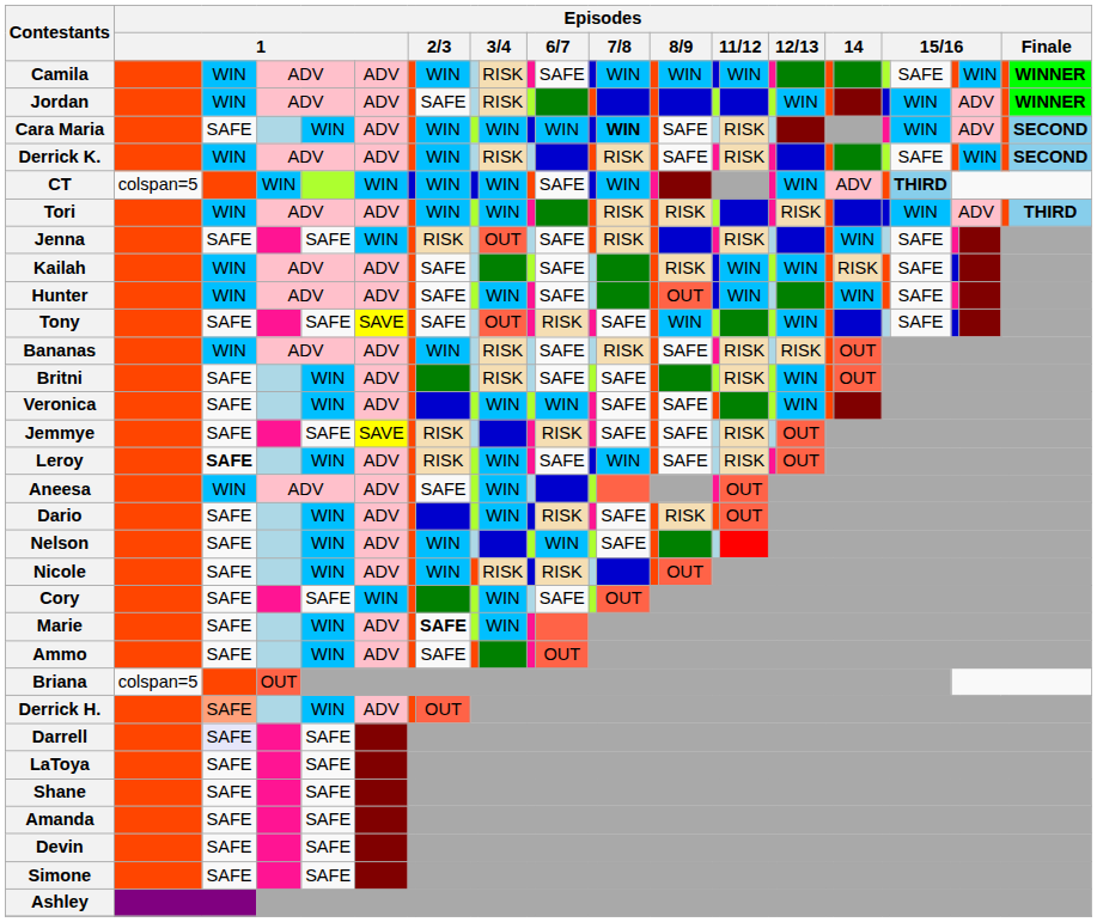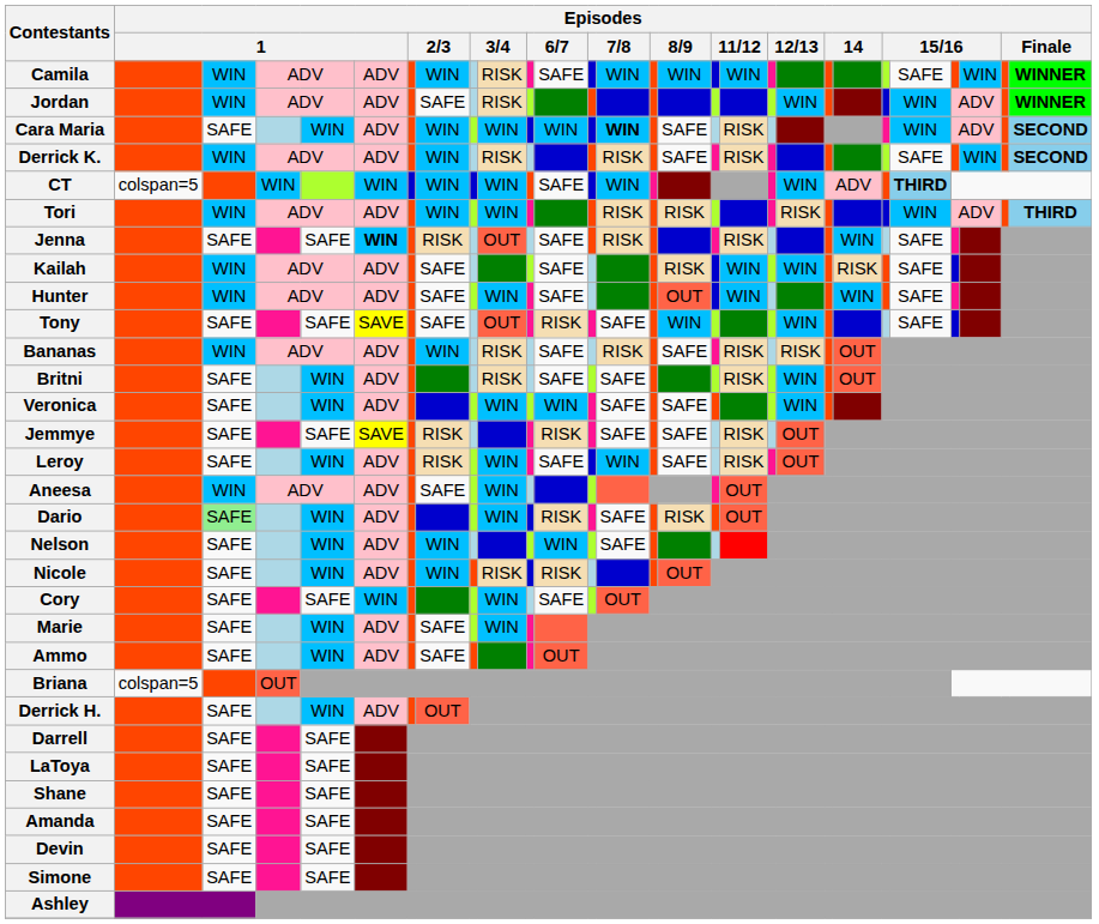 <table class="wikitable" style="text-align:center">
 <tr>
 <th rowspan=2>Contestants</th>
 <th colspan=31>Episodes</th>
 </tr>
 <tr>
 <th colspan=5>1</th>
 <th colspan=2>2/3</th>
 <th colspan=2>3/4</th>
 <th colspan=2>6/7</th>
 <th colspan=2>7/8</th>
 <th colspan=2>8/9</th>
 <th colspan=2>11/12</th>
 <th colspan=2>12/13</th>
 <th colspan=2>14</th>
 <th colspan=4>15/16</th>
 <th colspan=2>Finale</th>
 </tr>
 <tr>
 <th>Camila</th>
 <td bgcolor="orangered"></td>
 <td bgcolor="deepskyblue">WIN</td>
 <td colspan=2 bgcolor="pink">ADV</td>
 <td bgcolor="pink">ADV</td>
 <td bgcolor="orangered"></td>
 <td bgcolor="deepskyblue">WIN</td>
 <td bgcolor="lightblue"></td>
 <td bgcolor="wheat">RISK</td>
 <td bgcolor="deeppink"></td>
 <td>SAFE</td>
 <td bgcolor="mediumblue"></td>
 <td bgcolor="deepskyblue">WIN</td>
 <td bgcolor="orangered"></td>
 <td bgcolor="deepskyblue">WIN</td>
 <td bgcolor="mediumblue"></td>
 <td bgcolor="deepskyblue">WIN</td>
 <td bgcolor="deeppink"></td>
 <td bgcolor="green"></td>
 <td bgcolor="orangered"></td>
 <td bgcolor="green"></td>
 <td bgcolor="greenyellow"></td>
 <td>SAFE</td>
 <td bgcolor="orangered"></td>
 <td bgcolor="deepskyblue">WIN</td>
 <td bgcolor="orangered"></td>
 <td bgcolor="lime"><strong>WINNER</strong></td>
 </tr>
 <tr>
 <th>Jordan</th>
 <td bgcolor="orangered"></td>
 <td bgcolor="deepskyblue">WIN</td>
 <td colspan=2 bgcolor="pink">ADV</td>
 <td bgcolor="pink">ADV</td>
 <td bgcolor="orangered"></td>
 <td>SAFE</td>
 <td bgcolor="lightblue"></td>
 <td bgcolor="wheat">RISK</td>
 <td bgcolor="greenyellow"></td>
 <td bgcolor="green"></td>
 <td bgcolor="orangered"></td>
 <td bgcolor="mediumblue"></td>
 <td bgcolor="orangered"></td>
 <td bgcolor="mediumblue"></td>
 <td bgcolor="greenyellow"></td>
 <td bgcolor="mediumblue"></td>
 <td bgcolor="greenyellow"></td>
 <td bgcolor="deepskyblue">WIN</td>
 <td bgcolor="orangered"></td>
 <td bgcolor="maroon"></td>
 <td bgcolor="mediumblue"></td>
 <td bgcolor="deepskyblue">WIN</td>
 <td colspan=2 bgcolor="pink">ADV</td>
 <td bgcolor="orangered"></td>
 <td bgcolor="lime"><strong>WINNER</strong></td>
 </tr>
 <tr>
 <th nowrap>Cara Maria</th>
 <td bgcolor="orangered"></td>
 <td>SAFE</td>
 <td bgcolor="lightblue"></td>
 <td bgcolor="deepskyblue">WIN</td>
 <td bgcolor="pink">ADV</td>
 <td bgcolor="orangered"></td>
 <td bgcolor="deepskyblue">WIN</td>
 <td bgcolor="greenyellow"></td>
 <td bgcolor="deepskyblue">WIN</td>
 <td bgcolor="mediumblue"></td>
 <td bgcolor="deepskyblue">WIN</td>
 <td bgcolor="mediumblue"></td>
 <td bgcolor="deepskyblue"><strong>WIN</strong></td>
 <td bgcolor="orangered"></td>
 <td>SAFE</td>
 <td bgcolor="lightblue"></td>
 <td bgcolor="wheat">RISK</td>
 <td bgcolor="lightblue"></td>
 <td bgcolor="maroon"></td>
 <td bgcolor="darkgray" colspan=2></td>
 <td bgcolor="deeppink"></td>
 <td bgcolor="deepskyblue">WIN</td>
 <td colspan=2 bgcolor="pink">ADV</td>
 <td bgcolor="orangered"></td>
 <td bgcolor="skyblue"><strong>SECOND</strong></td>
 </tr>
 <tr>
 <th nowrap>Derrick K.</th>
 <td bgcolor="orangered"></td>
 <td bgcolor="deepskyblue">WIN</td>
 <td colspan=2 bgcolor="pink">ADV</td>
 <td bgcolor="pink">ADV</td>
 <td bgcolor="orangered"></td>
 <td bgcolor="deepskyblue">WIN</td>
 <td bgcolor="lightblue"></td>
 <td bgcolor="wheat">RISK</td>
 <td bgcolor="lightblue"></td>
 <td bgcolor="mediumblue"></td>
 <td bgcolor="orangered"></td>
 <td bgcolor="wheat">RISK</td>
 <td bgcolor="orangered"></td>
 <td>SAFE</td>
 <td bgcolor="deeppink"></td>
 <td bgcolor="wheat">RISK</td>
 <td bgcolor="deeppink"></td>
 <td bgcolor="mediumblue"></td>
 <td bgcolor="orangered"></td>
 <td bgcolor="green"></td>
 <td bgcolor="greenyellow"></td>
 <td>SAFE</td>
 <td bgcolor="orangered"></td>
 <td bgcolor="deepskyblue">WIN</td>
 <td bgcolor="orangered"></td>
 <td bgcolor="skyblue"><strong>SECOND</strong></td>
 </tr>
 <tr>
 <th>CT</th>
 <td>colspan=5 </td>
 <td bgcolor="orangered"></td>
 <td bgcolor="deepskyblue">WIN</td>
 <td bgcolor="greenyellow"></td>
 <td bgcolor="deepskyblue">WIN</td>
 <td bgcolor="mediumblue"></td>
 <td bgcolor="deepskyblue">WIN</td>
 <td bgcolor="mediumblue"></td>
 <td bgcolor="deepskyblue">WIN</td>
 <td bgcolor="orangered"></td>
 <td>SAFE</td>
 <td bgcolor="mediumblue"></td>
 <td bgcolor="deepskyblue">WIN</td>
 <td bgcolor="deeppink"></td>
 <td bgcolor="maroon"></td>
 <td bgcolor="darkgray" colspan=2></td>
 <td bgcolor="deeppink"></td>
 <td bgcolor="deepskyblue">WIN</td>
 <td colspan=2 bgcolor="pink">ADV</td>
 <td bgcolor="orangered"></td>
 <td bgcolor="skyblue"><strong>THIRD</strong></td>
 </tr>
 <tr>
 <th>Tori</th>
 <td bgcolor="orangered"></td>
 <td bgcolor="deepskyblue">WIN</td>
 <td colspan=2 bgcolor="pink">ADV</td>
 <td bgcolor="pink">ADV</td>
 <td bgcolor="orangered"></td>
 <td bgcolor="deepskyblue">WIN</td>
 <td bgcolor="greenyellow"></td>
 <td bgcolor="deepskyblue">WIN</td>
 <td bgcolor="deeppink"></td>
 <td bgcolor="green"></td>
 <td bgcolor="orangered"></td>
 <td bgcolor="wheat">RISK</td>
 <td bgcolor="orangered"></td>
 <td bgcolor="wheat">RISK</td>
 <td bgcolor="greenyellow"></td>
 <td bgcolor="mediumblue"></td>
 <td bgcolor="deeppink"></td>
 <td bgcolor="wheat">RISK</td>
 <td bgcolor="orangered"></td>
 <td bgcolor="mediumblue"></td>
 <td bgcolor="mediumblue"></td>
 <td bgcolor="deepskyblue">WIN</td>
 <td colspan=2 bgcolor="pink">ADV</td>
 <td bgcolor="orangered"></td>
 <td bgcolor="skyblue"><strong>THIRD</strong></td>
 </tr>
 <tr>
 <th>Jenna</th>
 <td bgcolor="orangered"></td>
 <td>SAFE</td>
 <td bgcolor="deeppink"></td>
 <td>SAFE</td>
-<td bgcolor="deepskyblue">WIN</td>
+<td bgcolor="deepskyblue"><strong>WIN</strong></td>
 <td bgcolor="orangered"></td>
 <td bgcolor="wheat">RISK</td>
 <td bgcolor="lightblue"></td>
 <td bgcolor="tomato">OUT</td>
 <td bgcolor="lightblue"></td>
 <td>SAFE</td>
 <td bgcolor="orangered"></td>
 <td bgcolor="wheat">RISK</td>
 <td bgcolor="orangered"></td>
 <td bgcolor="mediumblue"></td>
 <td bgcolor="deeppink"></td>
 <td bgcolor="wheat">RISK</td>
 <td bgcolor="lightblue"></td>
 <td bgcolor="mediumblue"></td>
 <td bgcolor="orangered"></td>
 <td bgcolor="deepskyblue">WIN</td>
 <td bgcolor="lightblue"></td>
 <td>SAFE</td>
 <td bgcolor="deeppink"></td>
 <td bgcolor="maroon"></td>
 <td bgcolor="darkgray" colspan=2></td>
 </tr>
 <tr>
 <th>Kailah</th>
 <td bgcolor="orangered"></td>
 <td bgcolor="deepskyblue">WIN</td>
 <td colspan=2 bgcolor="pink">ADV</td>
 <td bgcolor="pink">ADV</td>
 <td bgcolor="orangered"></td>
 <td>SAFE</td>
 <td bgcolor="lightblue"></td>
 <td bgcolor="green"></td>
 <td bgcolor="greenyellow"></td>
 <td>SAFE</td>
 <td bgcolor="lightblue"></td>
 <td bgcolor="green"></td>
 <td bgcolor="orangered"></td>
 <td bgcolor="wheat">RISK</td>
 <td bgcolor="mediumblue"></td>
 <td bgcolor="deepskyblue">WIN</td>
 <td bgcolor="greenyellow"></td>
 <td bgcolor="deepskyblue">WIN</td>
 <td bgcolor="orangered"></td>
 <td bgcolor="wheat">RISK</td>
 <td bgcolor="orangered"></td>
 <td>SAFE</td>
 <td bgcolor="mediumblue"></td>
 <td bgcolor="maroon"></td>
 <td bgcolor="darkgray" colspan=2></td>
 </tr>
 <tr>
 <th>Hunter</th>
 <td bgcolor="orangered"></td>
 <td bgcolor="deepskyblue">WIN</td>
 <td colspan=2 bgcolor="pink">ADV</td>
 <td bgcolor="pink">ADV</td>
 <td bgcolor="orangered"></td>
 <td>SAFE</td>
 <td bgcolor="greenyellow"></td>
 <td bgcolor="deepskyblue">WIN</td>
 <td bgcolor="deeppink"></td>
 <td>SAFE</td>
 <td bgcolor="lightblue"></td>
 <td bgcolor="green"></td>
 <td bgcolor="orangered"></td>
 <td bgcolor="tomato">OUT</td>
 <td bgcolor="mediumblue"></td>
 <td bgcolor="deepskyblue">WIN</td>
 <td bgcolor="lightblue"></td>
 <td bgcolor="green"></td>
 <td bgcolor="orangered"></td>
 <td bgcolor="deepskyblue">WIN</td>
 <td bgcolor="orangered"></td>
 <td>SAFE</td>
 <td bgcolor="deeppink"></td>
 <td bgcolor="maroon"></td>
 <td bgcolor="darkgray" colspan=2></td>
 </tr>
 <tr>
 <th>Tony</th>
 <td bgcolor="orangered"></td>
 <td>SAFE</td>
 <td bgcolor="deeppink"></td>
 <td>SAFE</td>
 <td bgcolor="yellow">SAVE</td>
 <td bgcolor="orangered"></td>
 <td>SAFE</td>
 <td bgcolor="lightblue"></td>
 <td bgcolor="tomato">OUT</td>
 <td bgcolor="deeppink"></td>
 <td bgcolor="wheat">RISK</td>
 <td bgcolor="deeppink"></td>
 <td>SAFE</td>
 <td bgcolor="orangered"></td>
 <td bgcolor="deepskyblue">WIN</td>
 <td bgcolor="greenyellow"></td>
 <td bgcolor="green"></td>
 <td bgcolor="greenyellow"></td>
 <td bgcolor="deepskyblue">WIN</td>
 <td bgcolor="orangered"></td>
 <td bgcolor="mediumblue"></td>
 <td bgcolor="lightblue"></td>
 <td>SAFE</td>
 <td bgcolor="mediumblue"></td>
 <td bgcolor="maroon"></td>
 <td bgcolor="darkgray" colspan=2></td>
 </tr>
 <tr>
 <th>Bananas</th>
 <td bgcolor="orangered"></td>
 <td bgcolor="deepskyblue">WIN</td>
 <td colspan=2 bgcolor="pink">ADV</td>
 <td bgcolor="pink">ADV</td>
 <td bgcolor="orangered"></td>
 <td bgcolor="deepskyblue">WIN</td>
 <td bgcolor="lightblue"></td>
 <td bgcolor="wheat">RISK</td>
 <td bgcolor="lightblue"></td>
 <td>SAFE</td>
 <td bgcolor="lightblue"></td>
 <td bgcolor="wheat">RISK</td>
 <td bgcolor="orangered"></td>
 <td>SAFE</td>
 <td bgcolor="deeppink"></td>
 <td bgcolor="wheat">RISK</td>
 <td bgcolor="lightblue"></td>
 <td bgcolor="wheat">RISK</td>
 <td bgcolor="orangered"></td>
 <td bgcolor="tomato">OUT</td>
 <td bgcolor="darkgray" colspan=12></td>
 </tr>
 <tr>
 <th>Britni</th>
 <td bgcolor="orangered"></td>
 <td>SAFE</td>
 <td bgcolor="lightblue"></td>
 <td bgcolor="deepskyblue">WIN</td>
 <td bgcolor="pink">ADV</td>
 <td bgcolor="orangered"></td>
 <td bgcolor="green"></td>
 <td bgcolor="lightblue"></td>
 <td bgcolor="wheat">RISK</td>
 <td bgcolor="lightblue"></td>
 <td>SAFE</td>
 <td bgcolor="greenyellow"></td>
 <td>SAFE</td>
 <td bgcolor="orangered"></td>
 <td bgcolor="green"></td>
 <td bgcolor="greenyellow"></td>
 <td bgcolor="wheat">RISK</td>
 <td bgcolor="greenyellow"></td>
 <td bgcolor="deepskyblue">WIN</td>
 <td bgcolor="orangered"></td>
 <td bgcolor="tomato">OUT</td>
 <td bgcolor="darkgray" colspan=12></td>
 </tr>
 <tr>
 <th>Veronica</th>
 <td bgcolor="orangered"></td>
 <td>SAFE</td>
 <td bgcolor="lightblue"></td>
 <td bgcolor="deepskyblue">WIN</td>
 <td bgcolor="pink">ADV</td>
 <td bgcolor="orangered"></td>
 <td bgcolor="mediumblue"></td>
 <td bgcolor="greenyellow"></td>
 <td bgcolor="deepskyblue">WIN</td>
 <td bgcolor="greenyellow"></td>
 <td bgcolor="deepskyblue">WIN</td>
 <td bgcolor="deeppink"></td>
 <td>SAFE</td>
 <td bgcolor="orangered"></td>
 <td>SAFE</td>
 <td bgcolor="orangered"></td>
 <td bgcolor="green"></td>
 <td bgcolor="greenyellow"></td>
 <td bgcolor="deepskyblue">WIN</td>
 <td bgcolor="orangered"></td>
 <td bgcolor="maroon"></td>
 <td bgcolor="darkgray" colspan=10></td>
 </tr>
 <tr>
 <th>Jemmye</th>
 <td bgcolor="orangered"></td>
 <td>SAFE</td>
 <td bgcolor="deeppink"></td>
 <td>SAFE</td>
 <td bgcolor="yellow">SAVE</td>
 <td bgcolor="orangered"></td>
 <td bgcolor="wheat">RISK</td>
 <td bgcolor="lightblue"></td>
 <td bgcolor="mediumblue"></td>
 <td bgcolor="deeppink"></td>
 <td bgcolor="wheat">RISK</td>
 <td bgcolor="deeppink"></td>
 <td>SAFE</td>
 <td bgcolor="orangered"></td>
 <td>SAFE</td>
 <td bgcolor="lightblue"></td>
 <td bgcolor="wheat">RISK</td>
 <td bgcolor="lightblue"></td>
 <td bgcolor="tomato">OUT</td>
 <td bgcolor="darkgray" colspan=12></td>
 </tr>
 <tr>
 <th>Leroy</th>
 <td bgcolor="orangered"></td>
-<td><strong>SAFE</strong></td>
+<td>SAFE</td>
 <td bgcolor="lightblue"></td>
 <td bgcolor="deepskyblue">WIN</td>
 <td bgcolor="pink">ADV</td>
 <td bgcolor="orangered"></td>
 <td bgcolor="wheat">RISK</td>
 <td bgcolor="greenyellow"></td>
 <td bgcolor="deepskyblue">WIN</td>
 <td bgcolor="deeppink"></td>
 <td>SAFE</td>
 <td bgcolor="mediumblue"></td>
 <td bgcolor="deepskyblue">WIN</td>
 <td bgcolor="orangered"></td>
 <td>SAFE</td>
 <td bgcolor="lightblue"></td>
 <td bgcolor="wheat">RISK</td>
 <td bgcolor="deeppink"></td>
 <td bgcolor="tomato">OUT</td>
 <td bgcolor="darkgray" colspan=12></td>
 </tr>
 <tr>
 <th>Aneesa</th>
 <td bgcolor="orangered"></td>
 <td bgcolor="deepskyblue">WIN</td>
 <td colspan=2 bgcolor="pink">ADV</td>
 <td bgcolor="pink">ADV</td>
 <td bgcolor="orangered"></td>
 <td>SAFE</td>
 <td bgcolor="greenyellow"></td>
 <td bgcolor="deepskyblue">WIN</td>
 <td bgcolor="lightblue"></td>
 <td bgcolor="mediumblue"></td>
 <td bgcolor="greenyellow"></td>
 <td bgcolor="tomato"></td>
 <td colspan=2 bgcolor="darkgray"></td>
 <td bgcolor="deeppink"></td>
 <td bgcolor="tomato">OUT</td>
 <td bgcolor="darkgray" colspan=14></td>
 </tr>
 <tr>
 <th>Dario</th>
 <td bgcolor="orangered"></td>
-<td>SAFE</td>
+<td style="background: lightgreen;">SAFE</td>
 <td bgcolor="lightblue"></td>
 <td bgcolor="deepskyblue">WIN</td>
 <td bgcolor="pink">ADV</td>
 <td bgcolor="orangered"></td>
 <td bgcolor="mediumblue"></td>
 <td bgcolor="greenyellow"></td>
 <td bgcolor="deepskyblue">WIN</td>
 <td bgcolor="mediumblue"></td>
 <td bgcolor="wheat">RISK</td>
 <td bgcolor="deeppink"></td>
 <td>SAFE</td>
 <td bgcolor="orangered"></td>
 <td bgcolor="wheat">RISK</td>
 <td bgcolor="orangered"></td>
 <td bgcolor="tomato">OUT</td>
 <td bgcolor="darkgray" colspan=14></td>
 </tr>
 <tr>
 <th>Nelson</th>
 <td bgcolor="orangered"></td>
 <td>SAFE</td>
 <td bgcolor="lightblue"></td>
 <td bgcolor="deepskyblue">WIN</td>
 <td bgcolor="pink">ADV</td>
 <td bgcolor="orangered"></td>
 <td bgcolor="deepskyblue">WIN</td>
 <td bgcolor="lightblue"></td>
 <td bgcolor="mediumblue"></td>
 <td bgcolor="greenyellow"></td>
 <td bgcolor="deepskyblue">WIN</td>
 <td bgcolor="greenyellow"></td>
 <td>SAFE</td>
 <td bgcolor="orangered"></td>
 <td bgcolor="green"></td>
 <td bgcolor="lightblue"></td>
 <td bgcolor="red"></td>
 <td bgcolor="darkgray" colspan=16></td>
 </tr>
 <tr>
 <th>Nicole</th>
 <td bgcolor="orangered"></td>
 <td>SAFE</td>
 <td bgcolor="lightblue"></td>
 <td bgcolor="deepskyblue">WIN</td>
 <td bgcolor="pink">ADV</td>
 <td bgcolor="orangered"></td>
 <td bgcolor="deepskyblue">WIN</td>
 <td bgcolor="orangered"></td>
 <td bgcolor="wheat">RISK</td>
 <td bgcolor="mediumblue"></td>
 <td bgcolor="wheat">RISK</td>
 <td bgcolor="lightblue"></td>
 <td bgcolor="mediumblue"></td>
 <td bgcolor="orangered"></td>
 <td bgcolor="tomato">OUT</td>
 <td bgcolor="darkgray" colspan=16></td>
 </tr>
 <tr>
 <th>Cory</th>
 <td bgcolor="orangered"></td>
 <td>SAFE</td>
 <td bgcolor="deeppink"></td>
 <td>SAFE</td>
 <td bgcolor="deepskyblue">WIN</td>
 <td bgcolor="orangered"></td>
 <td bgcolor="green"></td>
 <td bgcolor="greenyellow"></td>
 <td bgcolor="deepskyblue">WIN</td>
 <td bgcolor="lightblue"></td>
 <td>SAFE</td>
 <td bgcolor="greenyellow"></td>
 <td bgcolor="tomato">OUT</td>
 <td bgcolor="darkgray" colspan=18></td>
 </tr>
 <tr>
 <th>Marie</th>
 <td bgcolor="orangered"></td>
 <td>SAFE</td>
 <td bgcolor="lightblue"></td>
 <td bgcolor="deepskyblue">WIN</td>
 <td bgcolor="pink">ADV</td>
 <td bgcolor="orangered"></td>
-<td><strong>SAFE</strong></td>
+<td>SAFE</td>
 <td bgcolor="greenyellow"></td>
 <td bgcolor="deepskyblue">WIN</td>
 <td bgcolor="deeppink"></td>
 <td bgcolor="tomato"></td>
 <td bgcolor="darkgray" colspan=18></td>
 </tr>
 <tr>
 <th>Ammo</th>
 <td bgcolor="orangered"></td>
 <td>SAFE</td>
 <td bgcolor="lightblue"></td>
 <td bgcolor="deepskyblue">WIN</td>
 <td bgcolor="pink">ADV</td>
 <td bgcolor="orangered"></td>
 <td>SAFE</td>
 <td bgcolor="orangered"></td>
 <td bgcolor="green"></td>
 <td bgcolor="deeppink"></td>
 <td bgcolor="tomato">OUT</td>
 <td bgcolor="darkgray" colspan=20></td>
 </tr>
 <tr>
 <th>Briana</th>
 <td>colspan=5 </td>
 <td bgcolor="orangered"></td>
 <td bgcolor="tomato">OUT</td>
 <td bgcolor="darkgray" colspan=20></td>
 </tr>
 <tr>
 <th nowrap>Derrick H.</th>
 <td bgcolor="orangered"></td>
-<td style="background: lightsalmon;">SAFE</td>
+<td>SAFE</td>
 <td bgcolor="lightblue"></td>
 <td bgcolor="deepskyblue">WIN</td>
 <td bgcolor="pink">ADV</td>
 <td bgcolor="orangered"></td>
 <td bgcolor="tomato">OUT</td>
 <td bgcolor="darkgray" colspan=22></td>
 </tr>
 <tr>
 <th>Darrell</th>
 <td bgcolor="orangered"></td>
-<td style="background: lavender;">SAFE</td>
+<td>SAFE</td>
 <td bgcolor="deeppink"></td>
 <td>SAFE</td>
 <td bgcolor="maroon"></td>
 <td bgcolor="darkgray" colspan=24></td>
 </tr>
 <tr>
 <th>LaToya</th>
 <td bgcolor="orangered"></td>
 <td>SAFE</td>
 <td bgcolor="deeppink"></td>
 <td>SAFE</td>
 <td bgcolor="maroon"></td>
 <td bgcolor="darkgray" colspan=26></td>
 </tr>
 <tr>
 <th>Shane</th>
 <td bgcolor="orangered"></td>
 <td>SAFE</td>
 <td bgcolor="deeppink"></td>
 <td>SAFE</td>
 <td bgcolor="maroon"></td>
 <td bgcolor="darkgray" colspan=26></td>
 </tr>
 <tr>
 <th>Amanda</th>
 <td bgcolor="orangered"></td>
 <td>SAFE</td>
 <td bgcolor="deeppink"></td>
 <td>SAFE</td>
 <td bgcolor="maroon"></td>
 <td bgcolor="darkgray" colspan=26></td>
 </tr>
 <tr>
 <th>Devin</th>
 <td bgcolor="orangered"></td>
 <td>SAFE</td>
 <td bgcolor="deeppink"></td>
 <td>SAFE</td>
 <td bgcolor="maroon"></td>
 <td bgcolor="darkgray" colspan=24></td>
 </tr>
 <tr>
 <th>Simone</th>
 <td bgcolor="orangered"></td>
 <td>SAFE</td>
 <td bgcolor="deeppink"></td>
 <td>SAFE</td>
 <td bgcolor="maroon"></td>
 <td bgcolor="darkgray" colspan=26></td>
 </tr>
 <tr>
 <th>Ashley</th>
 <td colspan=2 bgcolor="purple"></td>
 <td colspan="29" bgcolor="darkgrey"></td>
 </tr>
 <tr>
 </tr>
 </table>
